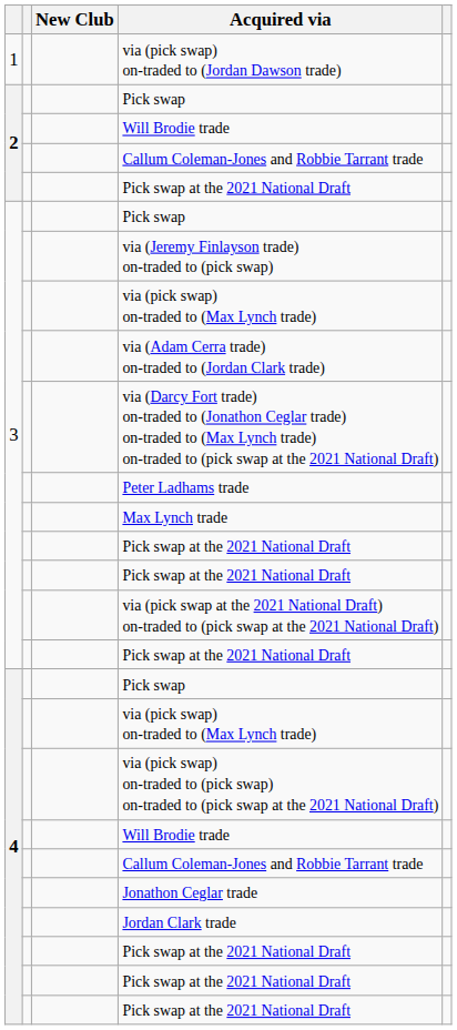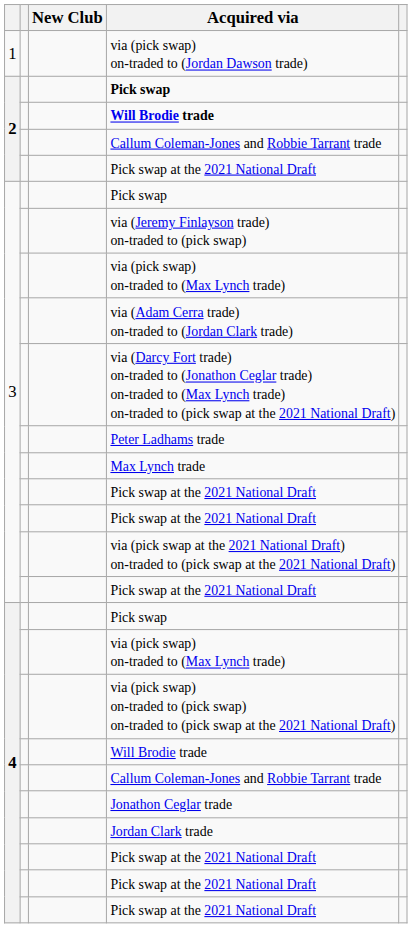 <table class="wikitable sortable plainrowheaders">
 <tr>
 <th scope="col"></th>
 <th scope="col"></th>
 <th scope="col">New Club</th>
 <th class="unsortable">Acquired via</th>
 <th class="unsortable"></th>
 </tr>
 <tr>
 <td rowspan=1>1</td>
 <td></td>
 <td></td>
 <td><small>via  (pick swap)<br>on-traded to  (<a href='#'>Jordan Dawson</a> trade)</small></td>
 <td align=center><br></td>
 </tr>
 <tr>
 <th scope="row" rowspan=4>2</th>
 <td></td>
 <td></td>
-<td><small>Pick swap</small></td>
+<td><strong><small>Pick swap</small></strong></td>
 <td align=center></td>
 </tr>
 <tr>
 <td></td>
 <td></td>
-<td><small><a href='#'>Will Brodie</a> trade</small></td>
+<td><strong><small><a href='#'>Will Brodie</a> trade</small></strong></td>
 <td align=center></td>
 </tr>
 <tr>
 <td></td>
 <td></td>
 <td><small><a href='#'>Callum Coleman-Jones</a> and <a href='#'>Robbie Tarrant</a> trade</small></td>
 <td align=center></td>
 </tr>
 <tr>
 <td></td>
 <td></td>
 <td><small>Pick swap at the <a href='#'>2021 National Draft</a></small></td>
 <td align=center></td>
 </tr>
 <tr>
 <td rowspan=11>3</td>
 <td></td>
 <td></td>
 <td><small>Pick swap</small></td>
 <td align=center></td>
 </tr>
 <tr>
 <td></td>
 <td></td>
 <td><small>via  (<a href='#'>Jeremy Finlayson</a> trade)<br>on-traded to  (pick swap)</small></td>
 <td align=center><br></td>
 </tr>
 <tr>
 <td></td>
 <td></td>
 <td><small>via  (pick swap)<br>on-traded to  (<a href='#'>Max Lynch</a> trade)</small></td>
 <td align=center><br></td>
 </tr>
 <tr>
 <td></td>
 <td></td>
 <td><small>via  (<a href='#'>Adam Cerra</a> trade)<br>on-traded to  (<a href='#'>Jordan Clark</a> trade)</small></td>
 <td align=center><br></td>
 </tr>
 <tr>
 <td></td>
 <td></td>
 <td><small>via  (<a href='#'>Darcy Fort</a> trade)<br>on-traded to  (<a href='#'>Jonathon Ceglar</a> trade)<br>on-traded to  (<a href='#'>Max Lynch</a> trade)<br>on-traded to  (pick swap at the <a href='#'>2021 National Draft</a>)</small></td>
 <td align=center><br><br></td>
 </tr>
 <tr>
 <td></td>
 <td></td>
 <td><small><a href='#'>Peter Ladhams</a> trade</small></td>
 <td align=center></td>
 </tr>
 <tr>
 <td></td>
 <td></td>
 <td><small><a href='#'>Max Lynch</a> trade</small></td>
 <td align=center></td>
 </tr>
 <tr>
 <td></td>
 <td></td>
 <td><small>Pick swap at the <a href='#'>2021 National Draft</a></small></td>
 <td align=center></td>
 </tr>
 <tr>
 <td></td>
 <td></td>
 <td><small>Pick swap at the <a href='#'>2021 National Draft</a></small></td>
 <td align=center></td>
 </tr>
 <tr>
 <td></td>
 <td></td>
 <td><small>via  (pick swap at the <a href='#'>2021 National Draft</a>)<br>on-traded to  (pick swap at the <a href='#'>2021 National Draft</a>)</small></td>
 <td align=center></td>
 </tr>
 <tr>
 <td></td>
 <td></td>
 <td><small>Pick swap at the <a href='#'>2021 National Draft</a></small></td>
 <td align=center></td>
 </tr>
 <tr>
 <th rowspan=11 scope="row">4</th>
 <td></td>
 <td></td>
 <td><small>Pick swap</small></td>
 <td align=center></td>
 </tr>
 <tr>
 <td></td>
 <td></td>
 <td><small>via  (pick swap)<br>on-traded to  (<a href='#'>Max Lynch</a> trade)</small></td>
 <td align=center><br></td>
 </tr>
 <tr>
 <td></td>
 <td></td>
 <td><small>via  (pick swap)<br>on-traded to  (pick swap)<br>on-traded to  (pick swap at the <a href='#'>2021 National Draft</a>)</small></td>
 <td align=center><br></td>
 </tr>
 <tr>
 <td></td>
 <td></td>
 <td><small><a href='#'>Will Brodie</a> trade</small></td>
 <td align=center></td>
 </tr>
 <tr>
 <td></td>
 <td></td>
 <td><small><a href='#'>Callum Coleman-Jones</a> and <a href='#'>Robbie Tarrant</a> trade</small></td>
 <td align=center></td>
 </tr>
 <tr>
 <td></td>
 <td></td>
 <td><small><a href='#'>Jonathon Ceglar</a> trade</small></td>
 <td align=center></td>
 </tr>
 <tr>
 <td></td>
 <td></td>
 <td><small><a href='#'>Jordan Clark</a> trade</small></td>
 <td align=center></td>
 </tr>
 <tr>
 <td></td>
 <td></td>
 <td><small>Pick swap at the <a href='#'>2021 National Draft</a></small></td>
 <td align=center></td>
 </tr>
 <tr>
 <td></td>
 <td></td>
 <td><small>Pick swap at the <a href='#'>2021 National Draft</a></small></td>
 <td align=center></td>
 </tr>
 <tr>
 <td></td>
 <td></td>
 <td><small>Pick swap at the <a href='#'>2021 National Draft</a></small></td>
 <td align=center></td>
 </tr>
 </table>
